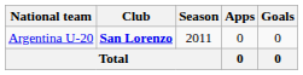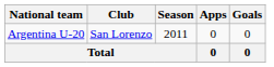 <table class="wikitable" style="text-align: center;">
 <tr>
 <th>National team</th>
 <th>Club</th>
 <th>Season</th>
 <th>Apps</th>
 <th>Goals</th>
 </tr>
 <tr>
 <td rowspan="1" valign="center"><a href='#'>Argentina U-20</a></td>
-<td rowspan="1" valign="center"><strong><a href='#'>San Lorenzo</a></strong></td>
+<td rowspan="1" valign="center"><a href='#'>San Lorenzo</a></td>
 <td>2011</td>
 <td>0</td>
 <td>0</td>
 </tr>
 <tr>
 <th colspan="3">Total</th>
 <th>0</th>
 <th>0</th>
 </tr>
 </table>
